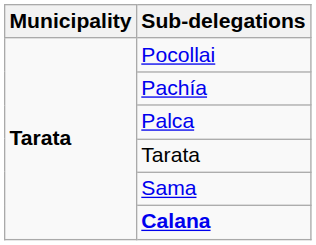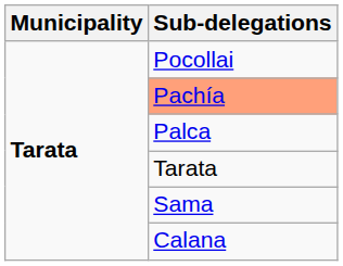 <table class="wikitable">
 <tr>
 <th>Municipality</th>
 <th>Sub-delegations</th>
 </tr>
 <tr>
 <td rowspan=6><strong>Tarata</strong></td>
 <td><a href='#'>Pocollai</a></td>
 </tr>
 <tr>
-<td><a href='#'>Pachía</a></td>
+<td style="background: lightsalmon;"><a href='#'>Pachía</a></td>
 </tr>
 <tr>
 <td><a href='#'>Palca</a></td>
 </tr>
 <tr>
 <td>Tarata</td>
 </tr>
 <tr>
 <td><a href='#'>Sama</a></td>
 </tr>
 <tr>
-<td><strong><a href='#'>Calana</a></strong></td>
+<td><a href='#'>Calana</a></td>
 </tr>
 </table>
